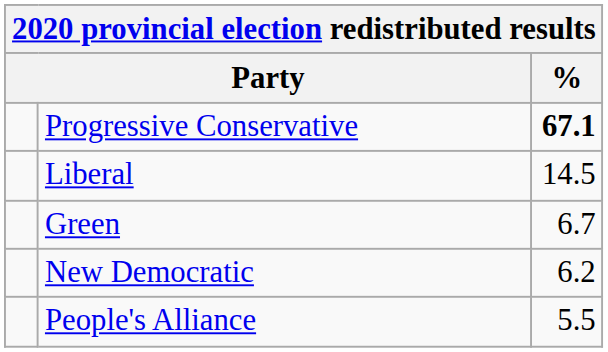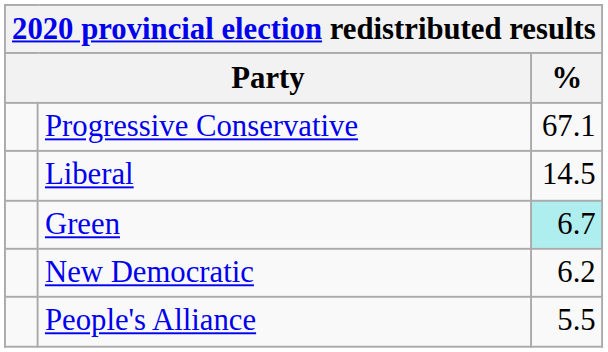 <table class="wikitable">
 <tr>
 <th colspan="4"><a href='#'>2020 provincial election</a> redistributed results</th>
 </tr>
 <tr>
 <th bgcolor="#DDDDFF" width="130px" colspan="2">Party</th>
 <th bgcolor="#DDDDFF" width="30px">%</th>
 </tr>
 <tr>
 <td> </td>
 <td><a href='#'>Progressive Conservative</a></td>
-<td align=right><strong>67.1</strong></td>
+<td align=right>67.1</td>
 </tr>
 <tr>
 <td> </td>
 <td><a href='#'>Liberal</a></td>
 <td align=right>14.5</td>
 </tr>
 <tr>
 <td> </td>
 <td><a href='#'>Green</a></td>
-<td align=right>6.7</td>
+<td align=right style="background: paleturquoise;">6.7</td>
 </tr>
 <tr>
 <td> </td>
 <td><a href='#'>New Democratic</a></td>
 <td align=right>6.2</td>
 </tr>
 <tr>
 <td> </td>
 <td><a href='#'>People's Alliance</a></td>
 <td align=right>5.5</td>
 </tr>
 </table>
